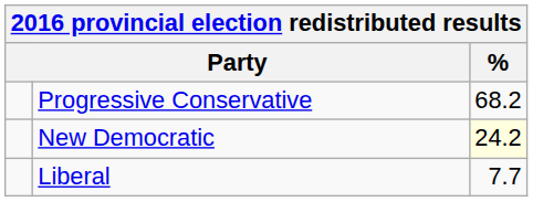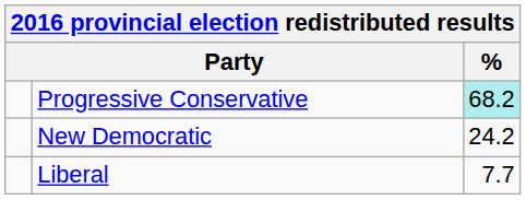 <table class="wikitable">
 <tr>
 <th colspan="4"><a href='#'>2016 provincial election</a> redistributed results</th>
 </tr>
 <tr>
 <th bgcolor="#DDDDFF" width="130px" colspan="2">Party</th>
 <th bgcolor="#DDDDFF" width="30px">%</th>
 </tr>
 <tr>
 <td> </td>
 <td><a href='#'>Progressive Conservative</a></td>
-<td align=right>68.2</td>
+<td align=right style="background: paleturquoise;">68.2</td>
 </tr>
 <tr>
 <td> </td>
 <td><a href='#'>New Democratic</a></td>
-<td align=right style="background: lightyellow;">24.2</td>
+<td align=right>24.2</td>
 </tr>
 <tr>
 <td> </td>
 <td><a href='#'>Liberal</a></td>
 <td align=right>7.7</td>
 </tr>
 </table>
